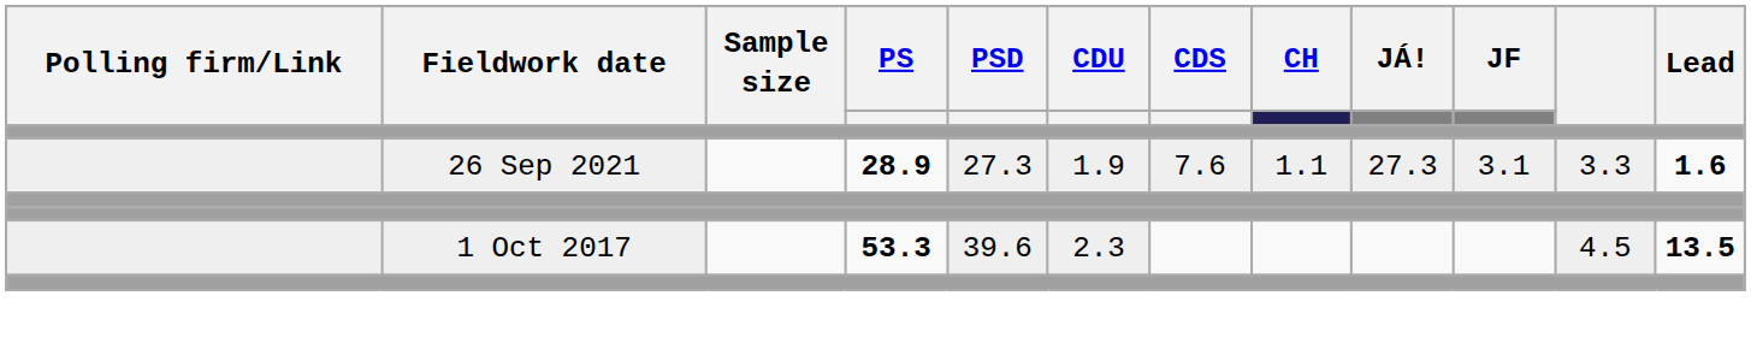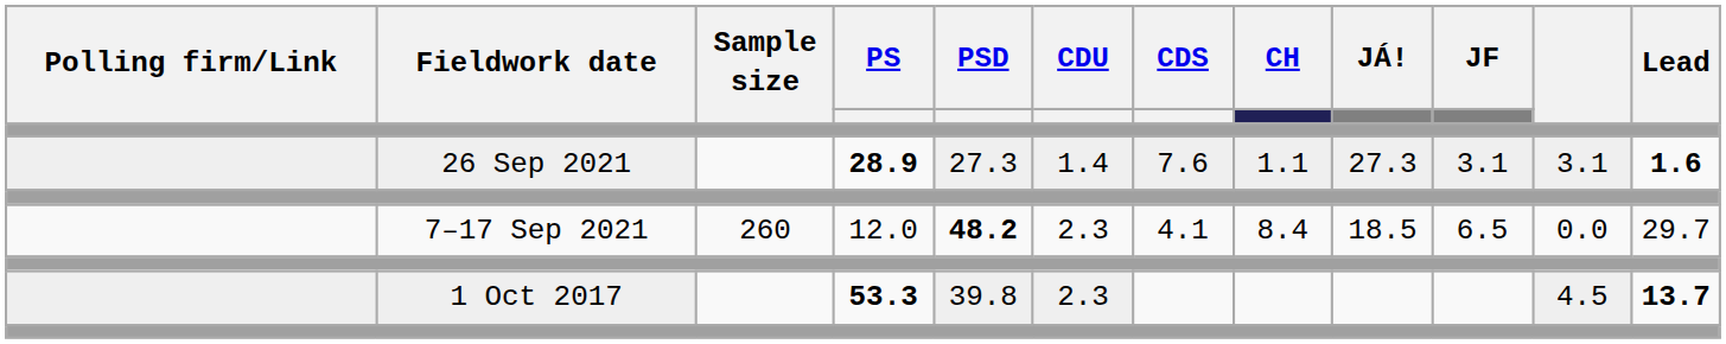 <table class="wikitable sortable mw-datatable" style="text-align:center;font-size:90%;line-height:16px;">
 <tr style="height:42px;">
 <th style="width:145px;" rowspan="2">Polling firm/Link</th>
 <th style="width:125px;" rowspan="2">Fieldwork date</th>
 <th class="unsortable" style="width:50px;" rowspan="2">Sample size</th>
 <th class="unsortable" style="width:35px;"><a href='#'>PS</a></th>
 <th class="unsortable" style="width:35px;"><a href='#'>PSD</a></th>
 <th class="unsortable" style="width:35px;"><a href='#'>CDU</a></th>
 <th class="unsortable" style="width:35px;"><a href='#'>CDS</a></th>
 <th class="unsortable" style="width:35px;"><a href='#'>CH</a></th>
 <th class="unsortable" style="width:35px;">JÁ!</th>
 <th class="unsortable" style="width:35px;">JF</th>
 <th class="unsortable" style="width:35px;" rowspan="2"></th>
 <th class="unsortable" style="width:30px;" rowspan="2">Lead</th>
 </tr>
 <tr>
 <th class="unsortable" style="color:inherit;background:"></th>
 <th class="unsortable" style="color:inherit;background:"></th>
 <th class="unsortable" style="color:inherit;background:"></th>
 <th class="unsortable" style="color:inherit;background:"></th>
 <th class="sortable" style="background:#202056;"></th>
 <th class="unsortable" style="color:inherit;background:gray;"></th>
 <th class="unsortable" style="color:inherit;background:gray;"></th>
 </tr>
 <tr>
 <td colspan="12" style="background:#A0A0A0"></td>
 </tr>
 <tr>
 <td style="background:#EFEFEF;"><strong></strong></td>
 <td style="background:#EFEFEF;" data-sort-value="2019-10-06">26 Sep 2021</td>
 <td></td>
 <td><strong>28.9</strong><br></td>
 <td style="background:#EFEFEF;">27.3<br></td>
-<td style="background:#EFEFEF;">1.9<br></td>
+<td style="background:#EFEFEF;">1.4<br></td>
 <td style="background:#EFEFEF;">7.6<br></td>
 <td style="background:#EFEFEF;">1.1<br></td>
 <td style="background:#EFEFEF;">27.3<br></td>
 <td style="background:#EFEFEF;">3.1<br></td>
-<td style="background:#EFEFEF;">3.3</td>
+<td style="background:#EFEFEF;">3.1</td>
 <td style="background:"><strong>1.6</strong></td>
 </tr>
 <tr>
 <td colspan="12" style="background:#A0A0A0"></td>
+</tr>
+<tr>
+<td align="center"></td>
+<td align="center">7–17 Sep 2021</td>
+<td align="center">260</td>
+<td align="center">12.0</td>
+<td align="center" ><strong>48.2</strong></td>
+<td align="center">2.3</td>
+<td align="center">4.1</td>
+<td align="center">8.4</td>
+<td align="center">18.5</td>
+<td align="center">6.5</td>
+<td align="center">0.0</td>
+<td style="background:">29.7</td>
 </tr>
 <tr>
 <td colspan="12" style="background:#A0A0A0"></td>
 </tr>
 <tr>
 <td style="background:#EFEFEF;"><strong></strong></td>
 <td style="background:#EFEFEF;" data-sort-value="2019-10-06">1 Oct 2017</td>
 <td></td>
 <td><strong>53.3</strong><br></td>
-<td style="background:#EFEFEF;">39.6<br></td>
+<td style="background:#EFEFEF;">39.8<br></td>
 <td style="background:#EFEFEF;">2.3<br></td>
 <td></td>
 <td></td>
 <td></td>
 <td></td>
 <td style="background:#EFEFEF;">4.5</td>
-<td style="background:"><strong>13.5</strong></td>
+<td style="background:"><strong>13.7</strong></td>
 </tr>
 <tr>
 <td colspan="12" style="background:#A0A0A0"></td>
 </tr>
 </table>
